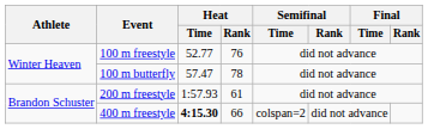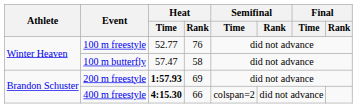 <table class=wikitable style="font-size:90%">
 <tr>
 <th rowspan="2">Athlete</th>
 <th rowspan="2">Event</th>
 <th colspan="2">Heat</th>
 <th colspan="2">Semifinal</th>
 <th colspan="2">Final</th>
 </tr>
 <tr style="font-size:95%">
 <th>Time</th>
 <th>Rank</th>
 <th>Time</th>
 <th>Rank</th>
 <th>Time</th>
 <th>Rank</th>
 </tr>
 <tr align=center>
 <td align=left rowspan=2><a href='#'>Winter Heaven</a></td>
 <td align=left><a href='#'>100 m freestyle</a></td>
 <td>52.77</td>
 <td>76</td>
 <td colspan=4>did not advance</td>
 </tr>
 <tr align=center>
 <td align=left><a href='#'>100 m butterfly</a></td>
 <td>57.47</td>
-<td>78</td>
+<td>58</td>
 <td colspan=4>did not advance</td>
 </tr>
 <tr align=center>
 <td align=left rowspan=2><a href='#'>Brandon Schuster</a></td>
 <td align=left><a href='#'>200 m freestyle</a></td>
-<td>1:57.93</td>
-<td>61</td>
+<td><strong>1:57.93</strong></td>
+<td>69</td>
 <td colspan=4>did not advance</td>
 </tr>
 <tr align=center>
 <td align=left><a href='#'>400 m freestyle</a></td>
 <td><strong>4:15.30</strong></td>
 <td>66</td>
 <td>colspan=2 </td>
 <td colspan=2>did not advance</td>
 </tr>
 </table>
